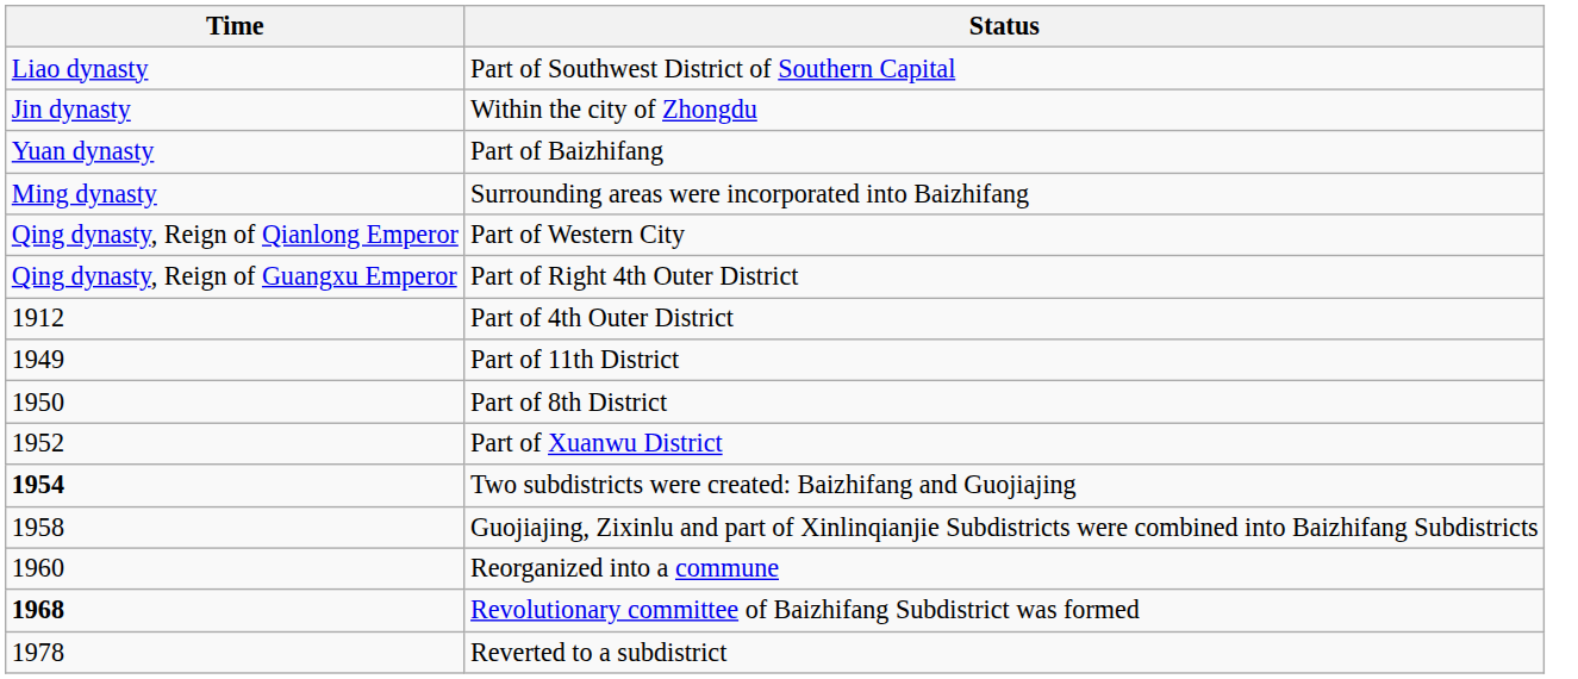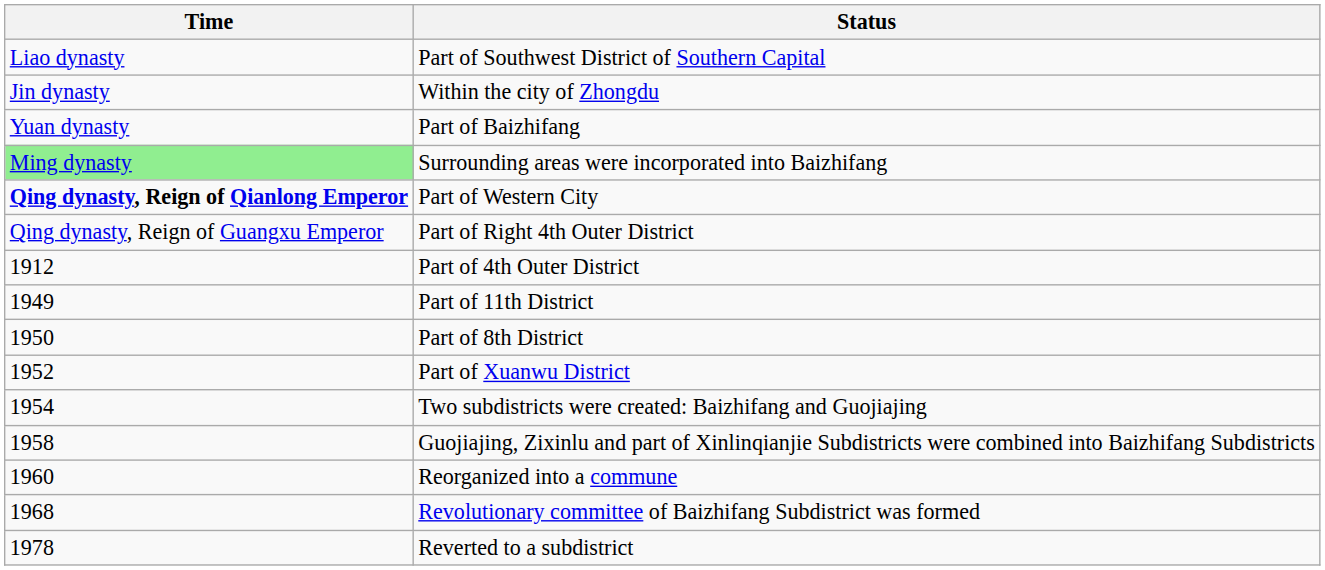 <table class="wikitable">
 <tr>
 <th>Time</th>
 <th>Status</th>
 </tr>
 <tr>
 <td><a href='#'>Liao dynasty</a></td>
 <td>Part of Southwest District of <a href='#'>Southern Capital</a></td>
 </tr>
 <tr>
 <td><a href='#'>Jin dynasty</a></td>
 <td>Within the city of <a href='#'>Zhongdu</a></td>
 </tr>
 <tr>
 <td><a href='#'>Yuan dynasty</a></td>
 <td>Part of Baizhifang</td>
 </tr>
 <tr>
-<td><a href='#'>Ming dynasty</a></td>
+<td style="background: lightgreen;"><a href='#'>Ming dynasty</a></td>
 <td>Surrounding areas were incorporated into Baizhifang</td>
 </tr>
 <tr>
-<td><a href='#'>Qing dynasty</a>, Reign of <a href='#'>Qianlong Emperor</a></td>
+<td><strong><a href='#'>Qing dynasty</a>, Reign of <a href='#'>Qianlong Emperor</a></strong></td>
 <td>Part of Western City</td>
 </tr>
 <tr>
 <td><a href='#'>Qing dynasty</a>, Reign of <a href='#'>Guangxu Emperor</a></td>
 <td>Part of Right 4th Outer District</td>
 </tr>
 <tr>
 <td>1912</td>
 <td>Part of 4th Outer District</td>
 </tr>
 <tr>
 <td>1949</td>
 <td>Part of 11th District</td>
 </tr>
 <tr>
 <td>1950</td>
 <td>Part of 8th District</td>
 </tr>
 <tr>
 <td>1952</td>
 <td>Part of <a href='#'>Xuanwu District</a></td>
 </tr>
 <tr>
-<td><strong>1954</strong></td>
+<td>1954</td>
 <td>Two subdistricts were created: Baizhifang and Guojiajing</td>
 </tr>
 <tr>
 <td>1958</td>
 <td>Guojiajing, Zixinlu and part of Xinlinqianjie Subdistricts were combined into Baizhifang Subdistricts</td>
 </tr>
 <tr>
 <td>1960</td>
 <td>Reorganized into a <a href='#'>commune</a></td>
 </tr>
 <tr>
-<td><strong>1968</strong></td>
+<td>1968</td>
 <td><a href='#'>Revolutionary committee</a> of Baizhifang Subdistrict was formed</td>
 </tr>
 <tr>
 <td>1978</td>
 <td>Reverted to a subdistrict</td>
 </tr>
 </table>
